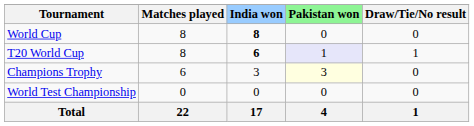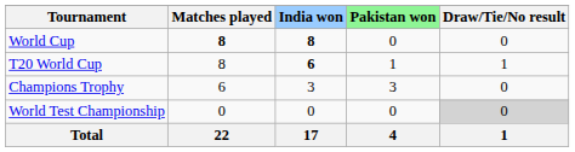 <table class="wikitable" style="text-align:center">
 <tr>
 </tr>
 <tr>
 <th>Tournament</th>
 <th>Matches played</th>
 <th style="background:#99ccff;">India won</th>
 <th style="background:#8ef595;">Pakistan won</th>
 <th>Draw/Tie/No result</th>
 </tr>
 <tr>
 <td style="text-align:left"><a href='#'>World Cup</a></td>
-<td>8</td>
+<td><strong>8</strong></td>
 <td><strong>8</strong></td>
 <td>0</td>
 <td>0</td>
 </tr>
 <tr>
 <td style="text-align:left"><a href='#'>T20 World Cup</a></td>
 <td>8</td>
 <td><strong>6</strong></td>
-<td style="background: lavender;">1</td>
+<td>1</td>
 <td>1</td>
 </tr>
 <tr>
 <td style="text-align:left"><a href='#'>Champions Trophy</a></td>
 <td>6</td>
 <td>3</td>
-<td style="background: lightyellow;">3</td>
+<td>3</td>
 <td>0</td>
 </tr>
 <tr>
 <td style="text-align:left"><a href='#'>World Test Championship</a></td>
 <td>0</td>
 <td>0</td>
 <td>0</td>
-<td>0</td>
+<td style="background: lightgrey;">0</td>
 </tr>
 <tr>
 <th>Total</th>
 <th>22</th>
 <th>17</th>
 <th>4</th>
 <th>1</th>
 </tr>
 </table>
